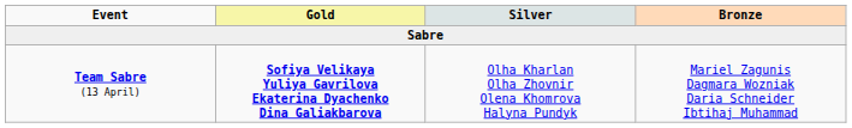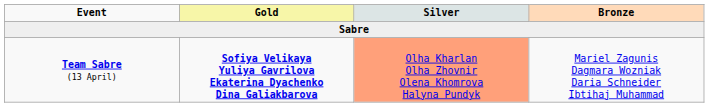 <table class="wikitable" style="text-align: center; font-size: 90%; border: gray solid 1px; border-collapse: collapse;">
 <tr>
 <td ! width=200><strong>Event</strong></td>
 <td width=200 bgcolor="F7F6A8"><strong> Gold</strong></td>
 <td width=200 bgcolor="DCE5E5"><strong> Silver</strong></td>
 <td width=200 bgcolor="FFDAB9"><strong> Bronze</strong></td>
 </tr>
 <tr align="center" bgcolor="#efefef">
 <td colspan="7"><strong>Sabre</strong></td>
 </tr>
 <tr>
 <td><strong><a href='#'>Team Sabre</a></strong> <br><small>(13 April)</small></td>
 <td><strong><br><a href='#'>Sofiya Velikaya</a><br><a href='#'>Yuliya Gavrilova</a><br><a href='#'>Ekaterina Dyachenko</a><br><a href='#'>Dina Galiakbarova</a></strong></td>
-<td><br><a href='#'>Olha Kharlan</a><br><a href='#'>Olha Zhovnir</a><br><a href='#'>Olena Khomrova</a><br><a href='#'>Halyna Pundyk</a></td>
+<td style="background: lightsalmon;"><br><a href='#'>Olha Kharlan</a><br><a href='#'>Olha Zhovnir</a><br><a href='#'>Olena Khomrova</a><br><a href='#'>Halyna Pundyk</a></td>
 <td><br><a href='#'>Mariel Zagunis</a><br><a href='#'>Dagmara Wozniak</a><br><a href='#'>Daria Schneider</a><br><a href='#'>Ibtihaj Muhammad</a></td>
 </tr>
 </table>
